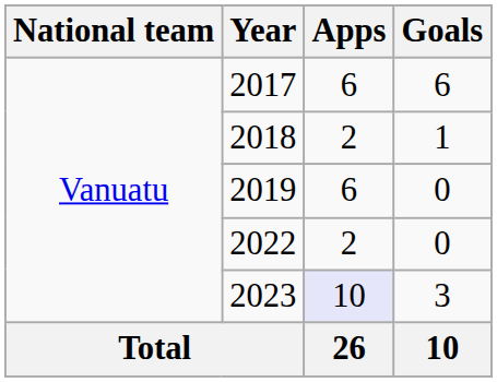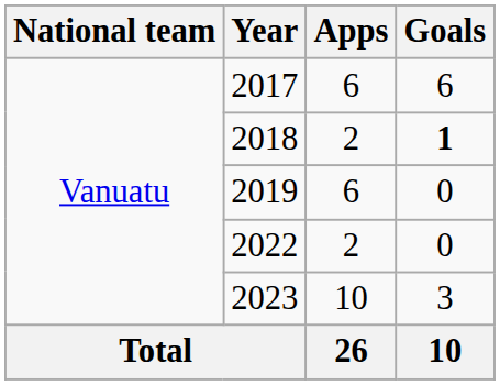 <table class="wikitable" style="text-align:center">
 <tr>
 <th>National team</th>
 <th>Year</th>
 <th>Apps</th>
 <th>Goals</th>
 </tr>
 <tr>
 <td rowspan="5"><a href='#'>Vanuatu</a></td>
 <td>2017</td>
 <td>6</td>
 <td>6</td>
 </tr>
 <tr>
 <td>2018</td>
 <td>2</td>
-<td>1</td>
+<td><strong>1</strong></td>
 </tr>
 <tr>
 <td>2019</td>
 <td>6</td>
 <td>0</td>
 </tr>
 <tr>
 <td>2022</td>
 <td>2</td>
 <td>0</td>
 </tr>
 <tr>
 <td>2023</td>
-<td style="background: lavender;">10</td>
+<td>10</td>
 <td>3</td>
 </tr>
 <tr>
 <th colspan="2">Total</th>
 <th>26</th>
 <th>10</th>
 </tr>
 </table>
